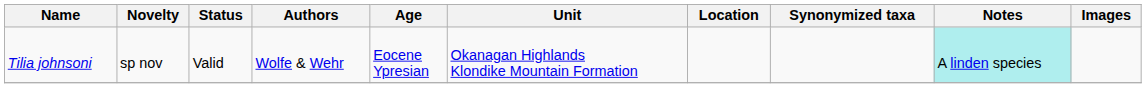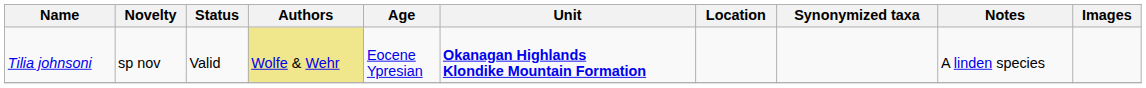 <table class="wikitable sortable" align="center" width="100%">
 <tr>
 <th>Name</th>
 <th>Novelty</th>
 <th>Status</th>
 <th>Authors</th>
 <th>Age</th>
 <th>Unit</th>
 <th>Location</th>
 <th>Synonymized taxa</th>
 <th>Notes</th>
 <th>Images</th>
 </tr>
 <tr>
 <td><br><em><a href='#'>Tilia johnsoni</a></em></td>
 <td><br>sp nov</td>
 <td><br>Valid</td>
-<td><br><a href='#'>Wolfe</a> & <a href='#'>Wehr</a></td>
+<td style="background: khaki;"><br><a href='#'>Wolfe</a> & <a href='#'>Wehr</a></td>
 <td><br><a href='#'>Eocene</a><br><a href='#'>Ypresian</a></td>
-<td><br><a href='#'>Okanagan Highlands</a><br><a href='#'>Klondike Mountain Formation</a></td>
+<td><strong><br><a href='#'>Okanagan Highlands</a><br><a href='#'>Klondike Mountain Formation</a></strong></td>
 <td><br><br></td>
 <td></td>
-<td style="background: paleturquoise;"><br>A <a href='#'>linden</a> species</td>
+<td><br>A <a href='#'>linden</a> species</td>
 <td><br></td>
 </tr>
 <tr>
 </tr>
 </table>
